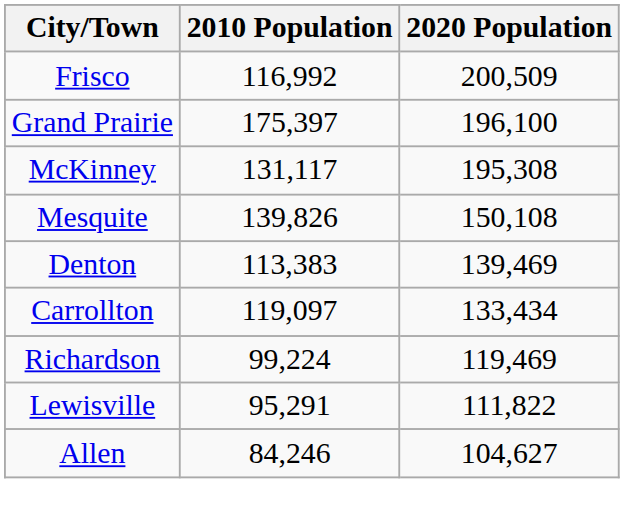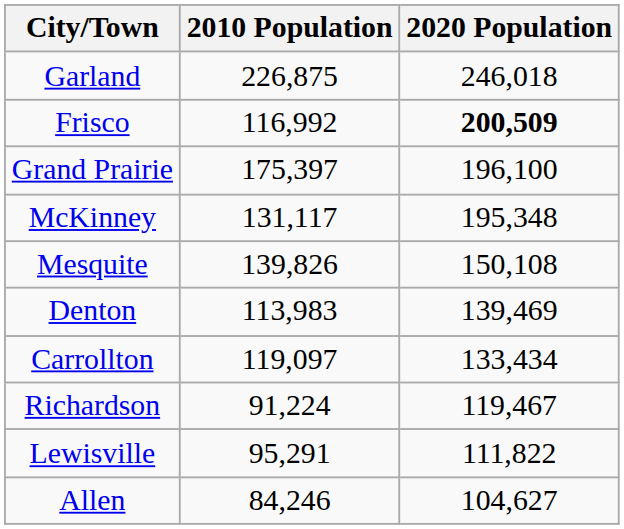 <table class="wikitable sortable" border="1" style="text-align:center">
 <tr>
 <th>City/Town</th>
 <th>2010 Population </th>
 <th>2020 Population</th>
 </tr>
 <tr>
+<td><a href='#'>Garland</a></td>
+<td>226,875</td>
+<td>246,018</td>
+</tr>
+<tr>
 <td><a href='#'>Frisco</a></td>
 <td>116,992</td>
-<td>200,509</td>
+<td><strong>200,509</strong></td>
 </tr>
 <tr>
 <td><a href='#'>Grand Prairie</a></td>
 <td>175,397</td>
 <td>196,100</td>
 </tr>
 <tr>
 <td><a href='#'>McKinney</a></td>
 <td>131,117</td>
-<td>195,308</td>
+<td>195,348</td>
 </tr>
 <tr>
 <td><a href='#'>Mesquite</a></td>
 <td>139,826</td>
 <td>150,108</td>
 </tr>
 <tr>
 <td><a href='#'>Denton</a></td>
-<td>113,383</td>
+<td>113,983</td>
 <td>139,469</td>
 </tr>
 <tr>
 <td><a href='#'>Carrollton</a></td>
 <td>119,097</td>
 <td>133,434</td>
 </tr>
 <tr>
 <td><a href='#'>Richardson</a></td>
-<td>99,224</td>
-<td>119,469</td>
+<td>91,224</td>
+<td>119,467</td>
 </tr>
 <tr>
 <td><a href='#'>Lewisville</a></td>
 <td>95,291</td>
 <td>111,822</td>
 </tr>
 <tr>
 <td><a href='#'>Allen</a></td>
 <td>84,246</td>
 <td>104,627</td>
 </tr>
 </table>
